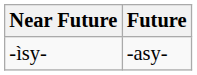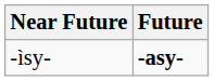 <table class="wikitable">
 <tr>
 <th>Near Future</th>
 <th>Future</th>
 </tr>
 <tr>
 <td>-ìsy-</td>
-<td>-asy-</td>
+<td><strong>-asy-</strong></td>
 </tr>
 </table>
